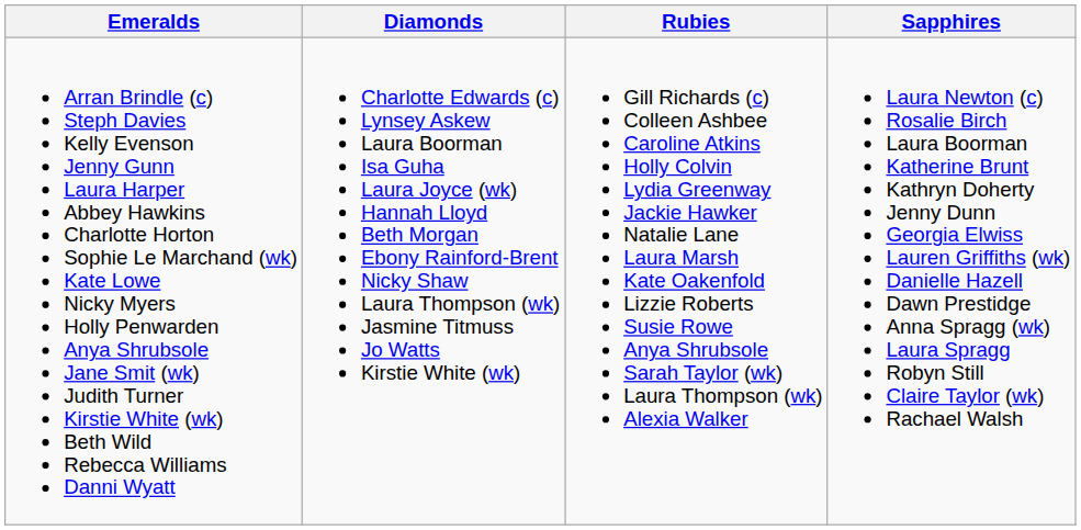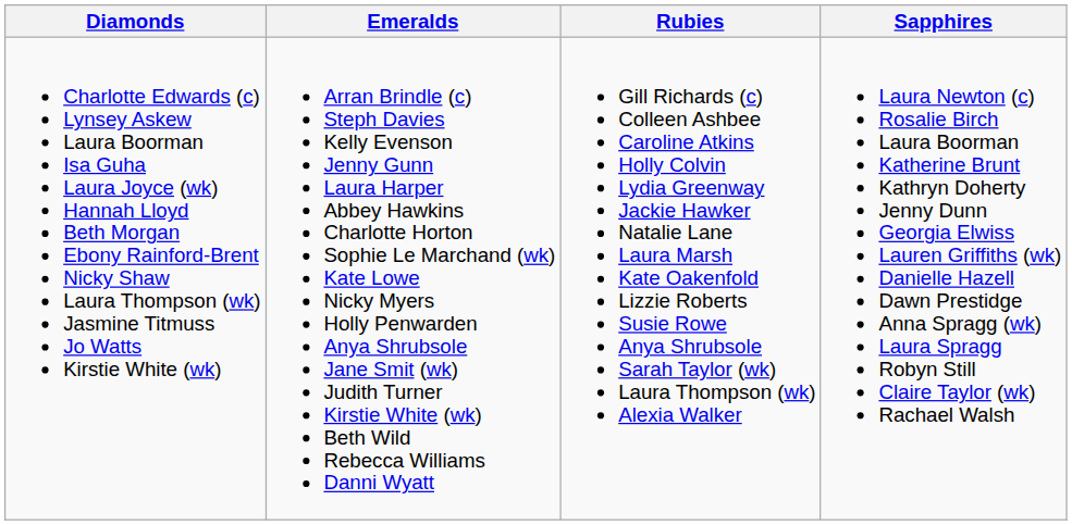 <table class="wikitable" Style="font-size:95%;">
 <tr>
+<th><a href='#'>Diamonds</a></th>
 <th><a href='#'>Emeralds</a></th>
-<th><a href='#'>Diamonds</a></th>
 <th><a href='#'>Rubies</a></th>
 <th><a href='#'>Sapphires</a></th>
 </tr>
 <tr>
+<td valign=top><br><ul><li> <a href='#'>Charlotte Edwards</a> (<a href='#'>c</a>)</li><li> <a href='#'>Lynsey Askew</a></li><li> Laura Boorman</li><li> <a href='#'>Isa Guha</a></li><li> <a href='#'>Laura Joyce</a> (<a href='#'>wk</a>)</li><li> <a href='#'>Hannah Lloyd</a></li><li> <a href='#'>Beth Morgan</a></li><li> <a href='#'>Ebony Rainford-Brent</a></li><li> <a href='#'>Nicky Shaw</a></li><li> Laura Thompson (<a href='#'>wk</a>)</li><li> Jasmine Titmuss</li><li> <a href='#'>Jo Watts</a></li><li> Kirstie White (<a href='#'>wk</a>)</li></ul></td>
 <td valign=top><br><ul><li> <a href='#'>Arran Brindle</a> (<a href='#'>c</a>)</li><li> <a href='#'>Steph Davies</a></li><li> Kelly Evenson</li><li> <a href='#'>Jenny Gunn</a></li><li> <a href='#'>Laura Harper</a></li><li> Abbey Hawkins</li><li> Charlotte Horton</li><li> Sophie Le Marchand (<a href='#'>wk</a>)</li><li> <a href='#'>Kate Lowe</a></li><li> Nicky Myers</li><li> Holly Penwarden</li><li> <a href='#'>Anya Shrubsole</a></li><li> <a href='#'>Jane Smit</a> (<a href='#'>wk</a>)</li><li> Judith Turner</li><li> <a href='#'>Kirstie White</a> (<a href='#'>wk</a>)</li><li> Beth Wild</li><li> Rebecca Williams</li><li> <a href='#'>Danni Wyatt</a></li></ul></td>
-<td valign=top><br><ul><li> <a href='#'>Charlotte Edwards</a> (<a href='#'>c</a>)</li><li> <a href='#'>Lynsey Askew</a></li><li> Laura Boorman</li><li> <a href='#'>Isa Guha</a></li><li> <a href='#'>Laura Joyce</a> (<a href='#'>wk</a>)</li><li> <a href='#'>Hannah Lloyd</a></li><li> <a href='#'>Beth Morgan</a></li><li> <a href='#'>Ebony Rainford-Brent</a></li><li> <a href='#'>Nicky Shaw</a></li><li> Laura Thompson (<a href='#'>wk</a>)</li><li> Jasmine Titmuss</li><li> <a href='#'>Jo Watts</a></li><li> Kirstie White (<a href='#'>wk</a>)</li></ul></td>
 <td valign=top><br><ul><li> Gill Richards (<a href='#'>c</a>)</li><li> Colleen Ashbee</li><li> <a href='#'>Caroline Atkins</a></li><li> <a href='#'>Holly Colvin</a></li><li> <a href='#'>Lydia Greenway</a></li><li> <a href='#'>Jackie Hawker</a></li><li> Natalie Lane</li><li> <a href='#'>Laura Marsh</a></li><li> <a href='#'>Kate Oakenfold</a></li><li> Lizzie Roberts</li><li> <a href='#'>Susie Rowe</a></li><li> <a href='#'>Anya Shrubsole</a></li><li> <a href='#'>Sarah Taylor</a> (<a href='#'>wk</a>)</li><li> Laura Thompson (<a href='#'>wk</a>)</li><li> <a href='#'>Alexia Walker</a></li></ul></td>
 <td valign=top><br><ul><li> <a href='#'>Laura Newton</a> (<a href='#'>c</a>)</li><li> <a href='#'>Rosalie Birch</a></li><li> Laura Boorman</li><li> <a href='#'>Katherine Brunt</a></li><li> Kathryn Doherty</li><li> Jenny Dunn</li><li> <a href='#'>Georgia Elwiss</a></li><li> <a href='#'>Lauren Griffiths</a> (<a href='#'>wk</a>)</li><li> <a href='#'>Danielle Hazell</a></li><li> Dawn Prestidge</li><li> Anna Spragg (<a href='#'>wk</a>)</li><li> <a href='#'>Laura Spragg</a></li><li> Robyn Still</li><li> <a href='#'>Claire Taylor</a> (<a href='#'>wk</a>)</li><li> Rachael Walsh</li></ul></td>
 </tr>
 </table>
